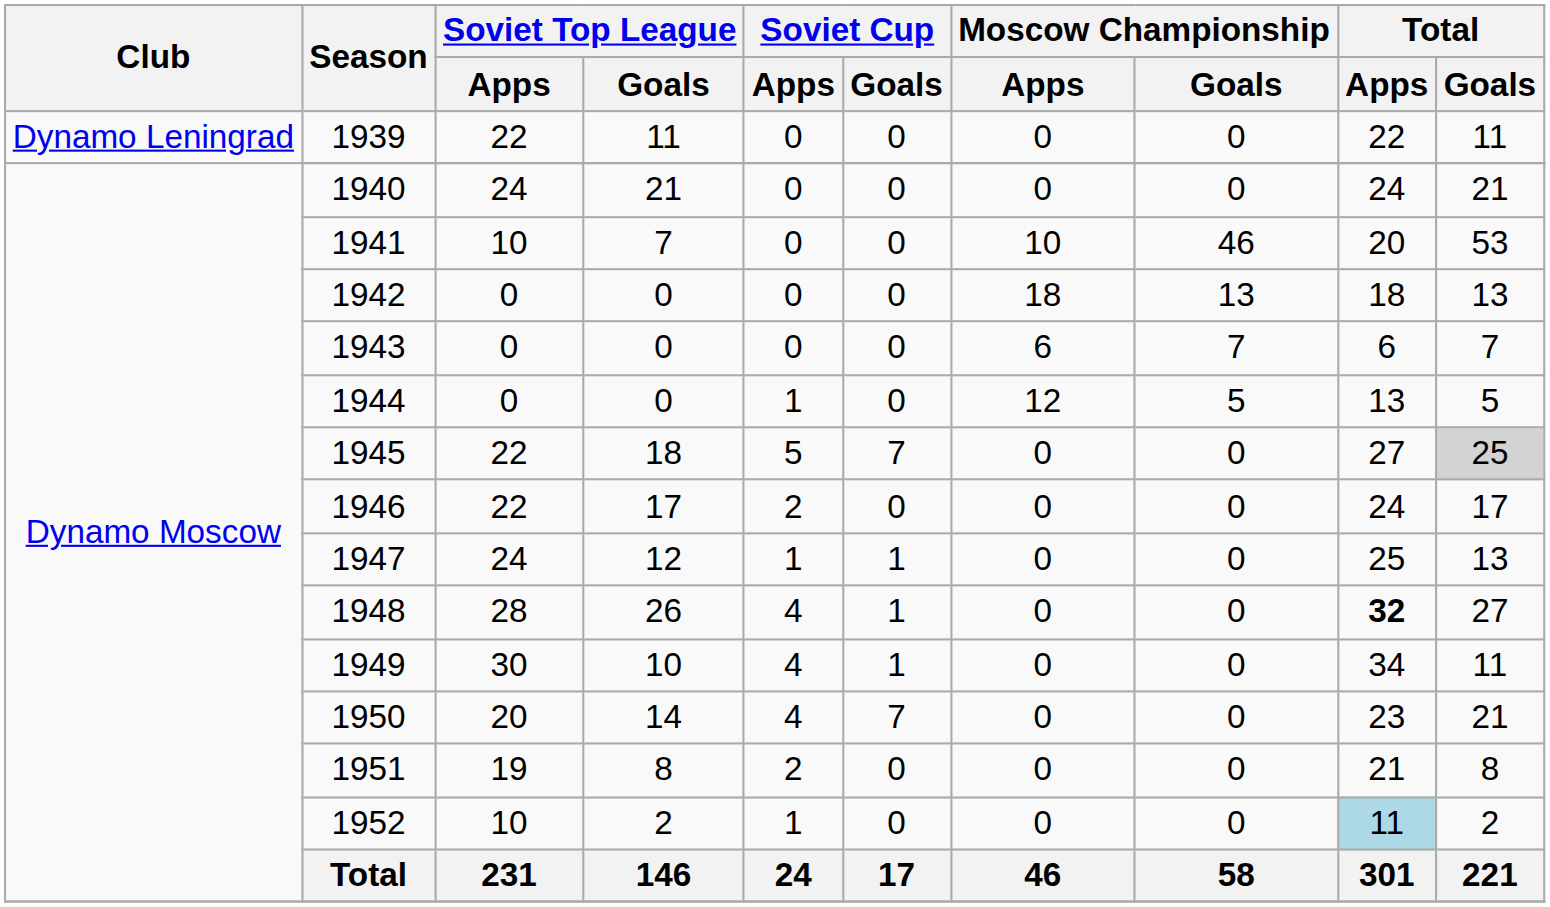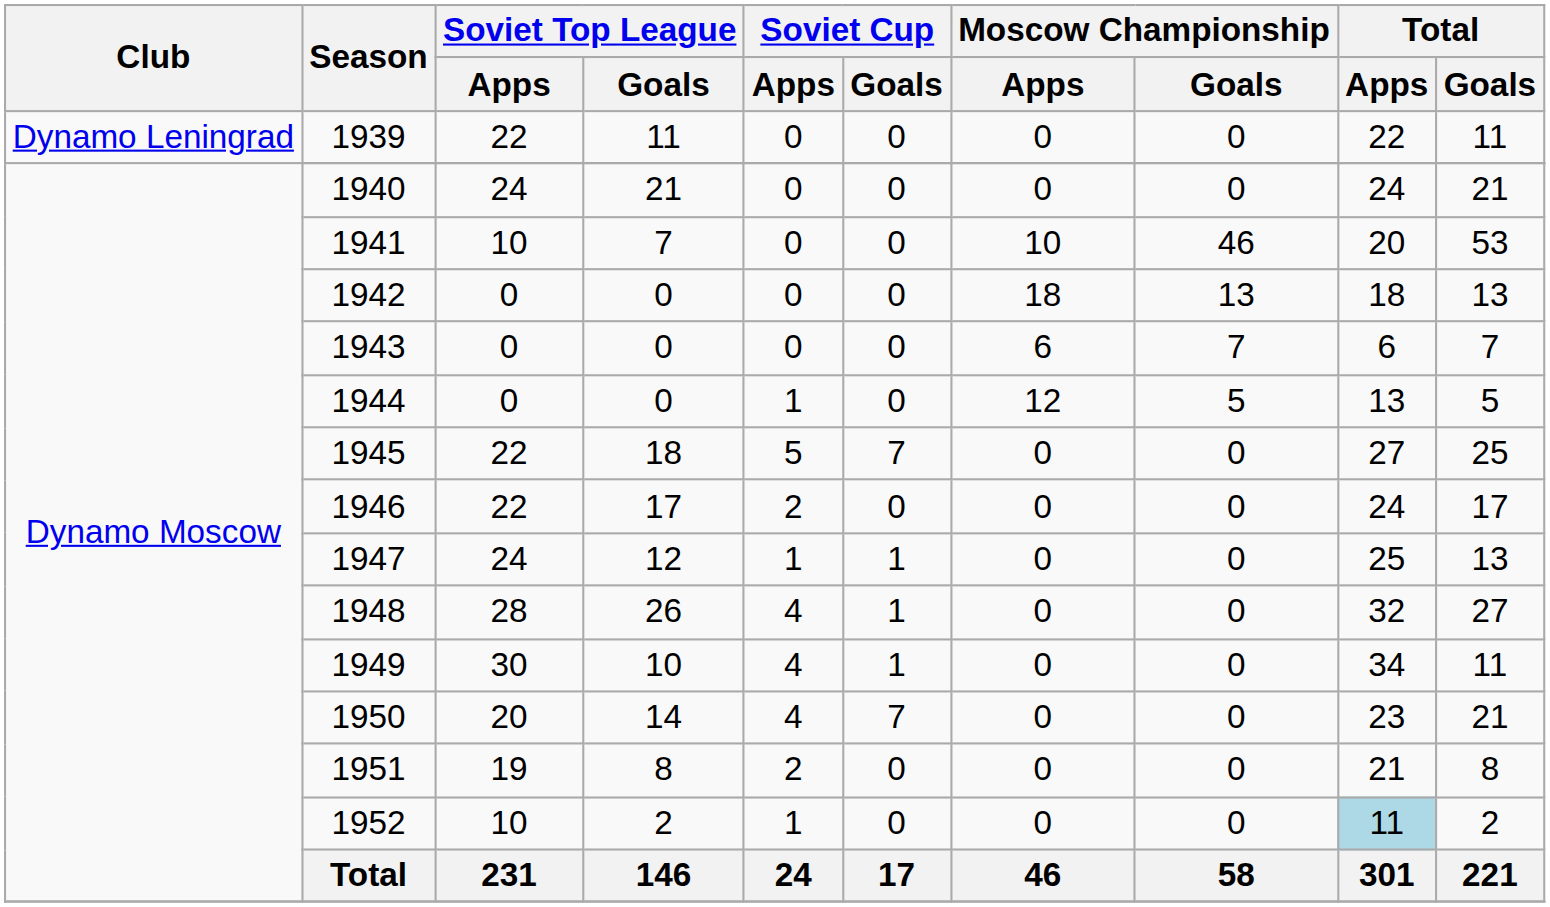 <table class="wikitable" style="font-size:100%; text-align: center;">
 <tr>
 <th rowspan=2>Club</th>
 <th rowspan=2>Season</th>
 <th colspan=2><a href='#'>Soviet Top League</a></th>
 <th colspan=2><a href='#'>Soviet Cup</a></th>
 <th colspan=2>Moscow Championship</th>
 <th colspan=2>Total</th>
 </tr>
 <tr>
 <th>Apps</th>
 <th>Goals</th>
 <th>Apps</th>
 <th>Goals</th>
 <th>Apps</th>
 <th>Goals</th>
 <th>Apps</th>
 <th>Goals</th>
 </tr>
 <tr>
 <td rowspan=1><a href='#'>Dynamo Leningrad</a></td>
 <td>1939</td>
 <td>22</td>
 <td>11</td>
 <td>0</td>
 <td>0</td>
 <td>0</td>
 <td>0</td>
 <td>22</td>
 <td>11</td>
 </tr>
 <tr>
 <td rowspan=15><a href='#'>Dynamo Moscow</a></td>
 </tr>
 <tr>
 <td>1940</td>
 <td>24</td>
 <td>21</td>
 <td>0</td>
 <td>0</td>
 <td>0</td>
 <td>0</td>
 <td>24</td>
 <td>21</td>
 </tr>
 <tr>
 <td>1941</td>
 <td>10</td>
 <td>7</td>
 <td>0</td>
 <td>0</td>
 <td>10</td>
 <td>46</td>
 <td>20</td>
 <td>53</td>
 </tr>
 <tr>
 <td>1942</td>
 <td>0</td>
 <td>0</td>
 <td>0</td>
 <td>0</td>
 <td>18</td>
 <td>13</td>
 <td>18</td>
 <td>13</td>
 </tr>
 <tr>
 <td>1943</td>
 <td>0</td>
 <td>0</td>
 <td>0</td>
 <td>0</td>
 <td>6</td>
 <td>7</td>
 <td>6</td>
 <td>7</td>
 </tr>
 <tr>
 <td>1944</td>
 <td>0</td>
 <td>0</td>
 <td>1</td>
 <td>0</td>
 <td>12</td>
 <td>5</td>
 <td>13</td>
 <td>5</td>
 </tr>
 <tr>
 <td>1945</td>
 <td>22</td>
 <td>18</td>
 <td>5</td>
 <td>7</td>
 <td>0</td>
 <td>0</td>
 <td>27</td>
-<td style="background: lightgrey;">25</td>
+<td>25</td>
 </tr>
 <tr>
 <td>1946</td>
 <td>22</td>
 <td>17</td>
 <td>2</td>
 <td>0</td>
 <td>0</td>
 <td>0</td>
 <td>24</td>
 <td>17</td>
 </tr>
 <tr>
 <td>1947</td>
 <td>24</td>
 <td>12</td>
 <td>1</td>
 <td>1</td>
 <td>0</td>
 <td>0</td>
 <td>25</td>
 <td>13</td>
 </tr>
 <tr>
 <td>1948</td>
 <td>28</td>
 <td>26</td>
 <td>4</td>
 <td>1</td>
 <td>0</td>
 <td>0</td>
-<td><strong>32</strong></td>
+<td>32</td>
 <td>27</td>
 </tr>
 <tr>
 <td>1949</td>
 <td>30</td>
 <td>10</td>
 <td>4</td>
 <td>1</td>
 <td>0</td>
 <td>0</td>
 <td>34</td>
 <td>11</td>
 </tr>
 <tr>
 <td>1950</td>
 <td>20</td>
 <td>14</td>
 <td>4</td>
 <td>7</td>
 <td>0</td>
 <td>0</td>
 <td>23</td>
 <td>21</td>
 </tr>
 <tr>
 <td>1951</td>
 <td>19</td>
 <td>8</td>
 <td>2</td>
 <td>0</td>
 <td>0</td>
 <td>0</td>
 <td>21</td>
 <td>8</td>
 </tr>
 <tr>
 <td>1952</td>
 <td>10</td>
 <td>2</td>
 <td>1</td>
 <td>0</td>
 <td>0</td>
 <td>0</td>
 <td style="background: lightblue;">11</td>
 <td>2</td>
 </tr>
 <tr>
 <th>Total</th>
 <th>231</th>
 <th>146</th>
 <th>24</th>
 <th>17</th>
 <th>46</th>
 <th>58</th>
 <th>301</th>
 <th>221</th>
 </tr>
 <tr>
 </tr>
 </table>
